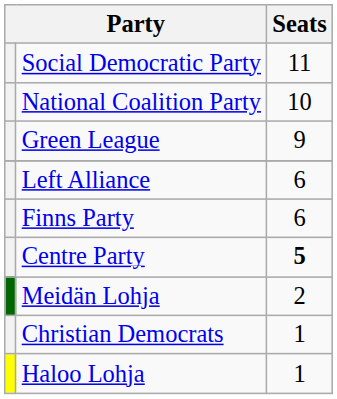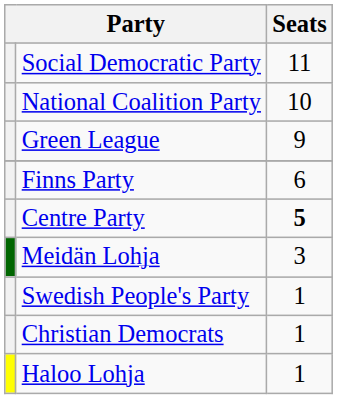 <table class="wikitable">
 <tr>
 <th colspan="2">Party</th>
 <th>Seats</th>
 </tr>
 <tr>
 <th style="background-color: "></th>
 <td><a href='#'>Social Democratic Party</a></td>
 <td valign="center" align="center">11</td>
 </tr>
 <tr>
 <th style="background-color: "></th>
 <td><a href='#'>National Coalition Party</a></td>
 <td valign="center" align="center">10</td>
 </tr>
 <tr>
 <th style="background-color: "></th>
 <td><a href='#'>Green League</a></td>
 <td valign="center" align="center">9</td>
 </tr>
 <tr>
 </tr>
 <tr>
 <th style="background-color: "></th>
-<td><a href='#'>Left Alliance</a></td>
-<td valign="center" align="center">6</td>
-</tr>
-<tr>
-<th style="background-color: "></th>
 <td><a href='#'>Finns Party</a></td>
 <td valign="center" align="center">6</td>
 </tr>
 <tr>
 <th style="background-color: "></th>
 <td><a href='#'>Centre Party</a></td>
 <td valign="center" align="center"><strong>5</strong></td>
 </tr>
 <tr>
 <th style="background-color:#006600"></th>
 <td><a href='#'>Meidän Lohja</a></td>
-<td valign="center" align="center">2</td>
+<td valign="center" align="center">3</td>
+</tr>
+<tr>
+<th style="background-color: "></th>
+<td><a href='#'>Swedish People's Party</a></td>
+<td valign="center" align="center">1</td>
 </tr>
 <tr>
 <th style="background-color: "></th>
 <td><a href='#'>Christian Democrats</a></td>
 <td valign="center" align="center">1</td>
 </tr>
 <tr>
 <th style="background-color:#ffff00"></th>
 <td><a href='#'>Haloo Lohja</a></td>
 <td valign="center" align="center">1</td>
 </tr>
 </table>
